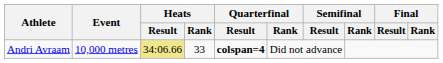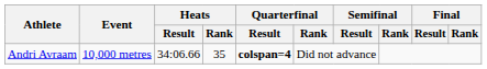 <table class="wikitable" style="font-size:90%">
 <tr>
 <th rowspan="2">Athlete</th>
 <th rowspan="2">Event</th>
 <th colspan="2">Heats</th>
 <th colspan="2">Quarterfinal</th>
 <th colspan="2">Semifinal</th>
 <th colspan="2">Final</th>
 </tr>
 <tr style="font-size:95%">
 <th>Result</th>
 <th>Rank</th>
 <th>Result</th>
 <th>Rank</th>
 <th>Result</th>
 <th>Rank</th>
 <th>Result</th>
 <th>Rank</th>
 </tr>
 <tr align=center>
 <td align=left><a href='#'>Andri Avraam</a></td>
 <td align=left><a href='#'>10,000 metres</a></td>
-<td style="background: khaki;">34:06.66</td>
-<td>33</td>
+<td>34:06.66</td>
+<td>35</td>
 <td><strong>colspan=4</strong></td>
 <td colspan=2>Did not advance</td>
 </tr>
 </table>
